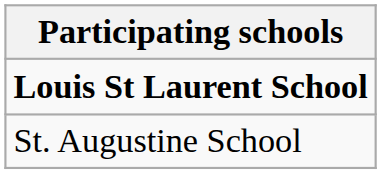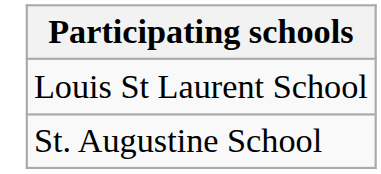 <table class="wikitable" align=right>
 <tr>
 <th>Participating schools</th>
 </tr>
 <tr>
-<td><strong>Louis St Laurent School</strong></td>
+<td>Louis St Laurent School</td>
 </tr>
 <tr>
 <td>St. Augustine School</td>
 </tr>
 </table>
